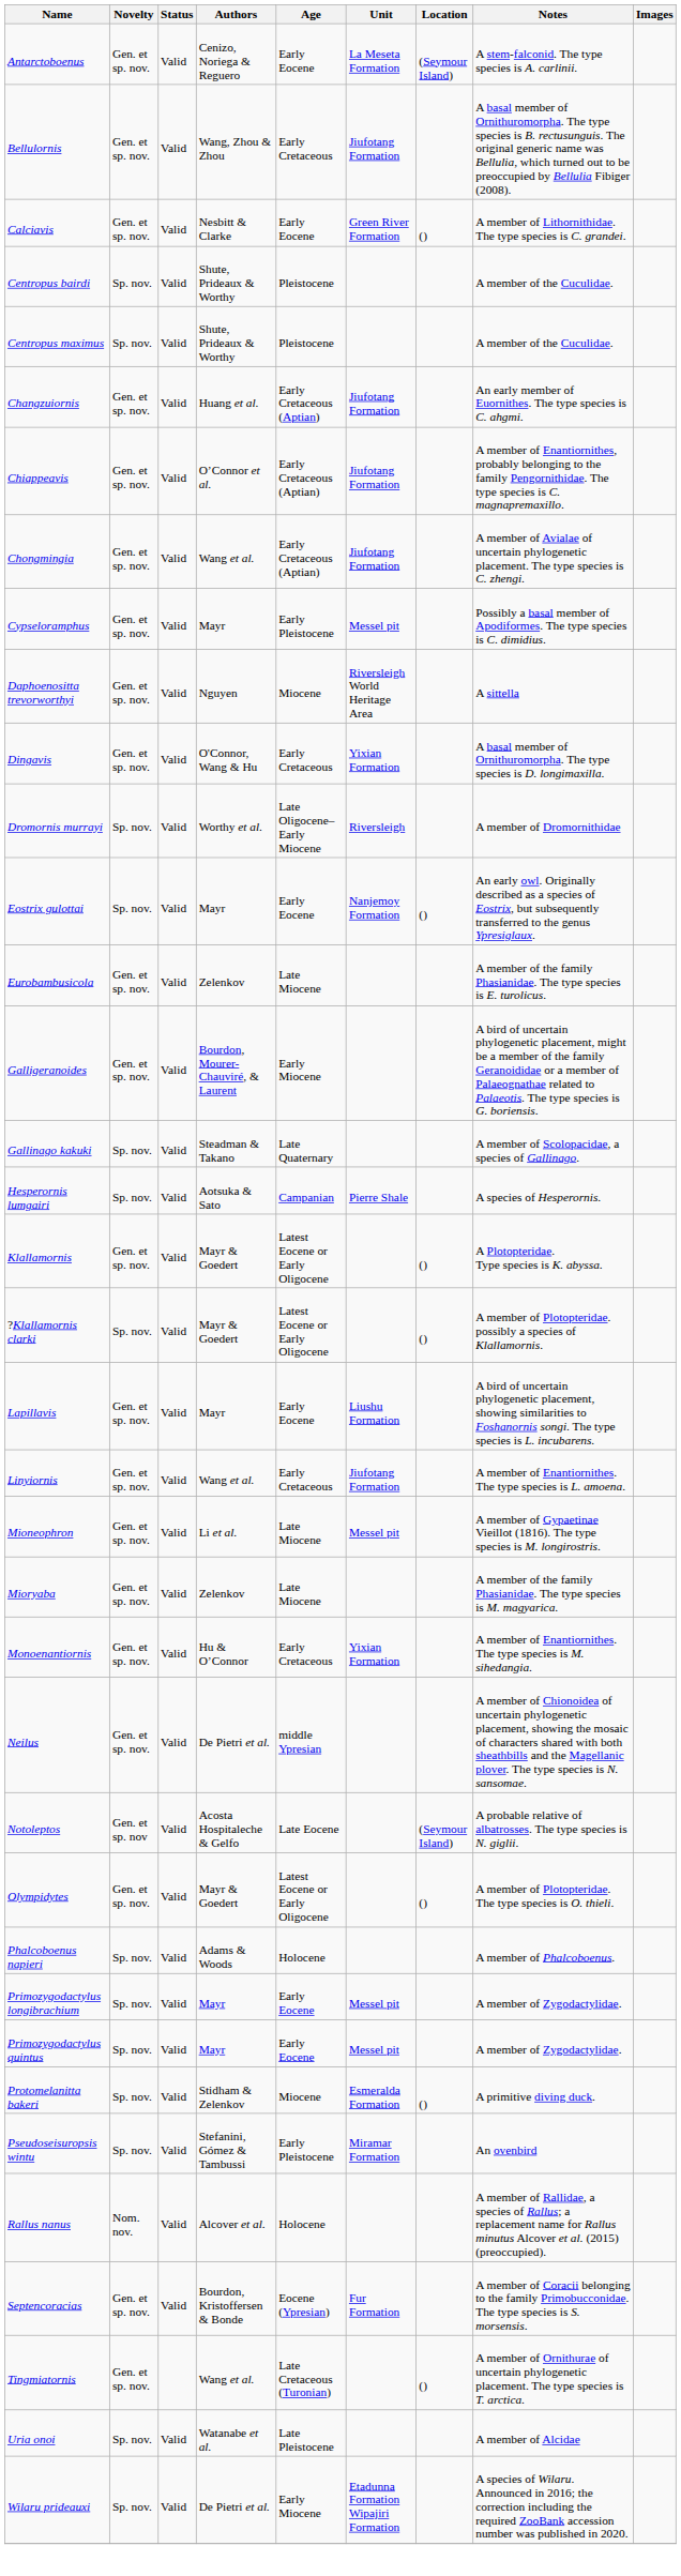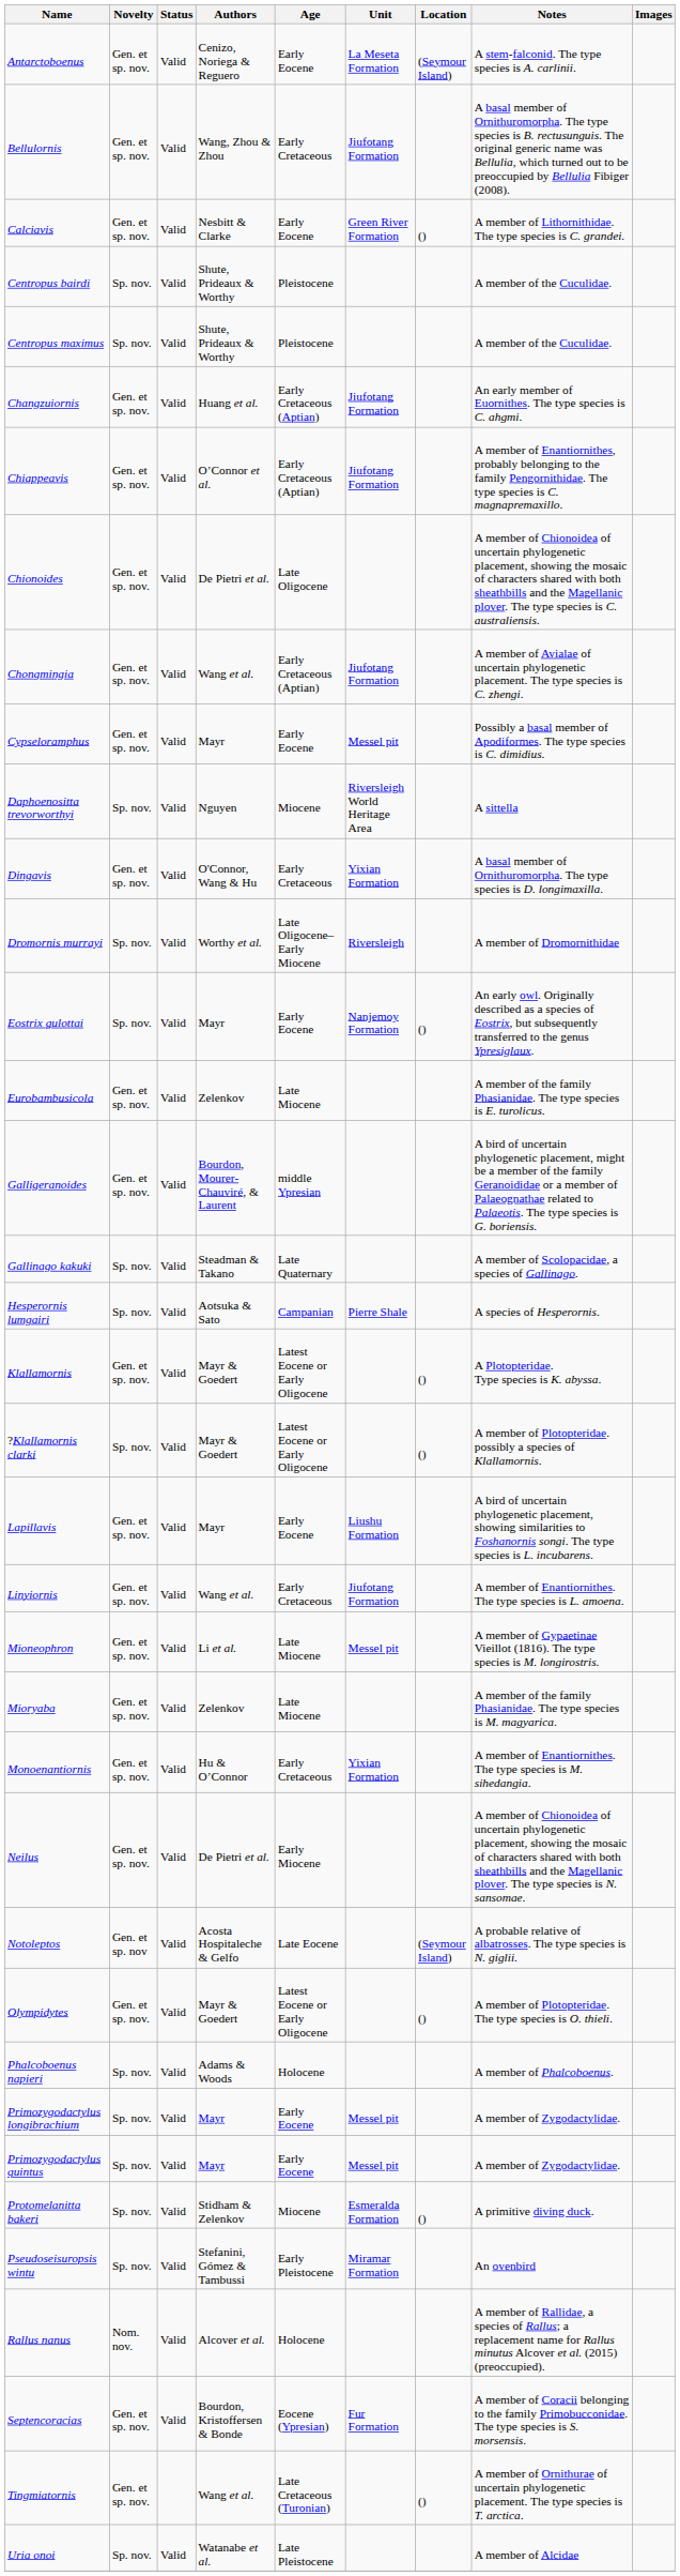 <table class="wikitable sortable" align="center" width="100%">
 <tr>
 <th>Name</th>
 <th>Novelty</th>
 <th>Status</th>
 <th>Authors</th>
 <th>Age</th>
 <th>Unit</th>
 <th>Location</th>
 <th>Notes</th>
 <th>Images</th>
 </tr>
 <tr>
 <td><br><em><a href='#'>Antarctoboenus</a></em> </td>
 <td><br>Gen. et sp. nov.</td>
 <td><br>Valid</td>
 <td><br>Cenizo, Noriega & Reguero</td>
 <td><br>Early Eocene</td>
 <td><br><a href='#'>La Meseta Formation</a></td>
 <td><br><br>(<a href='#'>Seymour Island</a>)</td>
 <td><br>A <a href='#'>stem</a>-<a href='#'>falconid</a>. The type species is <em>A. carlinii</em>.</td>
 <td></td>
 </tr>
 <tr>
 <td><br><em><a href='#'>Bellulornis</a></em> </td>
 <td><br>Gen. et sp. nov.</td>
 <td><br>Valid</td>
 <td><br>Wang, Zhou & Zhou</td>
 <td><br>Early Cretaceous</td>
 <td><br><a href='#'>Jiufotang Formation</a></td>
 <td><br></td>
 <td><br>A <a href='#'>basal</a> member of <a href='#'>Ornithuromorpha</a>. The type species is <em>B. rectusunguis</em>. The original generic name was <em>Bellulia</em>, which turned out to be preoccupied by <em><a href='#'>Bellulia</a></em> Fibiger (2008).</td>
 <td></td>
 </tr>
 <tr>
 <td><br><em><a href='#'>Calciavis</a></em> </td>
 <td><br>Gen. et sp. nov.</td>
 <td><br>Valid</td>
 <td><br>Nesbitt & Clarke</td>
 <td><br>Early Eocene</td>
 <td><br><a href='#'>Green River Formation</a></td>
 <td><br><br> ()</td>
 <td><br>A member of <a href='#'>Lithornithidae</a>. The type species is <em>C. grandei</em>.</td>
 <td></td>
 </tr>
 <tr>
 <td><br><em><a href='#'>Centropus bairdi</a></em> </td>
 <td><br>Sp. nov.</td>
 <td><br>Valid</td>
 <td><br>Shute, Prideaux & Worthy</td>
 <td><br>Pleistocene</td>
 <td></td>
 <td><br><br></td>
 <td><br>A member of the <a href='#'>Cuculidae</a>.</td>
 <td></td>
 </tr>
 <tr>
 <td><br><em><a href='#'>Centropus maximus</a></em> </td>
 <td><br>Sp. nov.</td>
 <td><br>Valid</td>
 <td><br>Shute, Prideaux & Worthy</td>
 <td><br>Pleistocene</td>
 <td></td>
 <td><br><br></td>
 <td><br>A member of the <a href='#'>Cuculidae</a>.</td>
 <td></td>
 </tr>
 <tr>
 <td><br><em><a href='#'>Changzuiornis</a></em> </td>
 <td><br>Gen. et sp. nov.</td>
 <td><br>Valid</td>
 <td><br>Huang <em>et al.</em></td>
 <td><br>Early Cretaceous (<a href='#'>Aptian</a>)</td>
 <td><br><a href='#'>Jiufotang Formation</a></td>
 <td><br></td>
 <td><br>An early member of <a href='#'>Euornithes</a>. The type species is <em>C. ahgmi</em>.</td>
 <td></td>
 </tr>
 <tr>
 <td><br><em><a href='#'>Chiappeavis</a></em> </td>
 <td><br>Gen. et sp. nov.</td>
 <td><br>Valid</td>
 <td><br>O’Connor <em>et al.</em></td>
 <td><br>Early Cretaceous (Aptian)</td>
 <td><br><a href='#'>Jiufotang Formation</a></td>
 <td><br></td>
 <td><br>A member of <a href='#'>Enantiornithes</a>, probably belonging to the family <a href='#'>Pengornithidae</a>. The type species is <em>C. magnapremaxillo</em>.</td>
 <td></td>
 </tr>
 <tr>
+<td><br><em><a href='#'>Chionoides</a></em> </td>
+<td><br>Gen. et sp. nov.</td>
+<td><br>Valid</td>
+<td><br>De Pietri <em>et al.</em></td>
+<td><br>Late Oligocene</td>
+<td></td>
+<td><br></td>
+<td><br>A member of <a href='#'>Chionoidea</a> of uncertain phylogenetic placement, showing the mosaic of characters shared with both <a href='#'>sheathbills</a> and the <a href='#'>Magellanic plover</a>. The type species is <em>C. australiensis</em>.</td>
+<td></td>
+</tr>
+<tr>
 <td><br><em><a href='#'>Chongmingia</a></em> </td>
 <td><br>Gen. et sp. nov.</td>
 <td><br>Valid</td>
 <td><br>Wang <em>et al.</em></td>
 <td><br>Early Cretaceous (Aptian)</td>
 <td><br><a href='#'>Jiufotang Formation</a></td>
 <td><br></td>
 <td><br>A member of <a href='#'>Avialae</a> of uncertain phylogenetic placement. The type species is <em>C. zhengi</em>.</td>
 <td></td>
 </tr>
 <tr>
 <td><br><em><a href='#'>Cypseloramphus</a></em> </td>
 <td><br>Gen. et sp. nov.</td>
 <td><br>Valid</td>
 <td><br>Mayr</td>
-<td><br>Early Pleistocene</td>
+<td><br>Early Eocene</td>
 <td><br><a href='#'>Messel pit</a></td>
 <td><br></td>
 <td><br>Possibly a <a href='#'>basal</a> member of <a href='#'>Apodiformes</a>. The type species is <em>C. dimidius</em>.</td>
 <td></td>
 </tr>
 <tr>
 <td><br><em><a href='#'>Daphoenositta trevorworthyi</a></em> </td>
-<td><br>Gen. et sp. nov.</td>
+<td><br>Sp. nov.</td>
 <td><br>Valid</td>
 <td><br>Nguyen</td>
 <td><br>Miocene</td>
 <td><br><a href='#'>Riversleigh</a> World Heritage Area</td>
 <td><br></td>
 <td><br>A <a href='#'>sittella</a></td>
 <td></td>
 </tr>
 <tr>
 <td><br><em><a href='#'>Dingavis</a></em> </td>
 <td><br>Gen. et sp. nov.</td>
 <td><br>Valid </td>
 <td><br>O'Connor, Wang & Hu</td>
 <td><br>Early Cretaceous</td>
 <td><br><a href='#'>Yixian Formation</a></td>
 <td><br></td>
 <td><br>A <a href='#'>basal</a> member of <a href='#'>Ornithuromorpha</a>. The type species is <em>D. longimaxilla</em>.</td>
 <td></td>
 </tr>
 <tr>
 <td><br><em><a href='#'>Dromornis murrayi</a></em> </td>
 <td><br>Sp. nov.</td>
 <td><br>Valid</td>
 <td><br>Worthy <em>et al.</em></td>
 <td><br>Late Oligocene–Early Miocene</td>
 <td><br><a href='#'>Riversleigh</a></td>
 <td><br></td>
 <td><br>A member of <a href='#'>Dromornithidae</a></td>
 <td></td>
 </tr>
 <tr>
 <td><br><em><a href='#'>Eostrix gulottai</a></em> </td>
 <td><br>Sp. nov.</td>
 <td><br>Valid</td>
 <td><br>Mayr</td>
 <td><br>Early Eocene</td>
 <td><br><a href='#'>Nanjemoy Formation</a></td>
 <td><br><br>()</td>
 <td><br>An early <a href='#'>owl</a>. Originally described as a species of <em><a href='#'>Eostrix</a></em>, but subsequently transferred to the genus <em><a href='#'>Ypresiglaux</a></em>.</td>
 <td></td>
 </tr>
 <tr>
 <td><br><em><a href='#'>Eurobambusicola</a></em> </td>
 <td><br>Gen. et sp. nov.</td>
 <td><br>Valid</td>
 <td><br>Zelenkov</td>
 <td><br>Late Miocene</td>
 <td></td>
 <td><br></td>
 <td><br>A member of the family <a href='#'>Phasianidae</a>. The type species is <em>E. turolicus</em>.</td>
 <td></td>
 </tr>
 <tr>
 <td><br><em><a href='#'>Galligeranoides</a></em> </td>
 <td><br>Gen. et sp. nov.</td>
 <td><br>Valid</td>
 <td><br><a href='#'>Bourdon</a>, <a href='#'>Mourer-Chauviré</a>, & <a href='#'>Laurent</a></td>
-<td><br>Early Miocene</td>
+<td><br>middle <a href='#'>Ypresian</a></td>
 <td></td>
 <td><br></td>
 <td><br>A bird of uncertain phylogenetic placement, might be a member of the family <a href='#'>Geranoididae</a> or a member of <a href='#'>Palaeognathae</a> related to <em><a href='#'>Palaeotis</a></em>. The type species is <em>G. boriensis</em>.</td>
 <td></td>
 </tr>
 <tr>
 <td><br><em><a href='#'>Gallinago kakuki</a></em> </td>
 <td><br>Sp. nov.</td>
 <td><br>Valid</td>
 <td><br>Steadman & Takano</td>
 <td><br>Late Quaternary</td>
 <td></td>
 <td><br><br> <br> </td>
 <td><br>A member of <a href='#'>Scolopacidae</a>, a species of <em><a href='#'>Gallinago</a></em>.</td>
 <td></td>
 </tr>
 <tr>
 <td><br><em><a href='#'>Hesperornis lumgairi</a></em> </td>
 <td><br>Sp. nov.</td>
 <td><br>Valid</td>
 <td><br>Aotsuka & Sato</td>
 <td><br><a href='#'>Campanian</a></td>
 <td><br><a href='#'>Pierre Shale</a></td>
 <td><br></td>
 <td><br>A species of <em>Hesperornis</em>.</td>
 <td></td>
 </tr>
 <tr>
 <td><br><em><a href='#'>Klallamornis</a></em> </td>
 <td><br>Gen. et sp. nov.</td>
 <td><br>Valid</td>
 <td><br>Mayr & Goedert</td>
 <td><br>Latest Eocene or Early Oligocene</td>
 <td></td>
 <td><br><br>()</td>
 <td><br>A <a href='#'>Plotopteridae</a>.<br> Type species is <em>K. abyssa</em>.</td>
 <td></td>
 </tr>
 <tr>
 <td><br>?<em><a href='#'>Klallamornis clarki</a></em> </td>
 <td><br>Sp. nov.</td>
 <td><br>Valid</td>
 <td><br>Mayr & Goedert</td>
 <td><br>Latest Eocene or Early Oligocene</td>
 <td></td>
 <td><br><br>()</td>
 <td><br>A member of <a href='#'>Plotopteridae</a>. possibly a species of <em>Klallamornis</em>.</td>
 <td></td>
 </tr>
 <tr>
 <td><br><em><a href='#'>Lapillavis</a></em> </td>
 <td><br>Gen. et sp. nov.</td>
 <td><br>Valid</td>
 <td><br>Mayr</td>
 <td><br>Early Eocene</td>
 <td><br><a href='#'>Liushu Formation</a></td>
 <td><br></td>
 <td><br>A bird of uncertain phylogenetic placement, showing similarities to <em><a href='#'>Foshanornis</a> songi</em>. The type species is <em>L. incubarens</em>.</td>
 <td></td>
 </tr>
 <tr>
 <td><br><em><a href='#'>Linyiornis</a></em> </td>
 <td><br>Gen. et sp. nov.</td>
 <td><br>Valid</td>
 <td><br>Wang <em>et al.</em></td>
 <td><br>Early Cretaceous</td>
 <td><br><a href='#'>Jiufotang Formation</a></td>
 <td><br></td>
 <td><br>A member of <a href='#'>Enantiornithes</a>. The type species is <em>L. amoena</em>.</td>
 <td></td>
 </tr>
 <tr>
 <td><br><em><a href='#'>Mioneophron</a></em> </td>
 <td><br>Gen. et sp. nov.</td>
 <td><br>Valid</td>
 <td><br>Li <em>et al.</em></td>
 <td><br>Late Miocene</td>
 <td><br><a href='#'>Messel pit</a></td>
 <td><br></td>
 <td><br>A member of <a href='#'>Gypaetinae</a> Vieillot (1816). The type species is <em>M. longirostris</em>.</td>
 <td></td>
 </tr>
 <tr>
 <td><br><em><a href='#'>Mioryaba</a></em> </td>
 <td><br>Gen. et sp. nov.</td>
 <td><br>Valid</td>
 <td><br>Zelenkov</td>
 <td><br>Late Miocene</td>
 <td></td>
 <td><br></td>
 <td><br>A member of the family <a href='#'>Phasianidae</a>. The type species is <em>M. magyarica</em>.</td>
 <td></td>
 </tr>
 <tr>
 <td><br><em><a href='#'>Monoenantiornis</a></em> </td>
 <td><br>Gen. et sp. nov.</td>
 <td><br>Valid</td>
 <td><br>Hu & O’Connor</td>
 <td><br>Early Cretaceous</td>
 <td><br><a href='#'>Yixian Formation</a></td>
 <td><br></td>
 <td><br>A member of <a href='#'>Enantiornithes</a>. The type species is <em>M. sihedangia</em>.</td>
 <td></td>
 </tr>
 <tr>
 <td><br><em><a href='#'>Neilus</a></em> </td>
 <td><br>Gen. et sp. nov.</td>
 <td><br>Valid</td>
 <td><br>De Pietri <em>et al.</em></td>
-<td><br>middle <a href='#'>Ypresian</a></td>
+<td><br>Early Miocene</td>
 <td></td>
 <td><br></td>
 <td><br>A member of <a href='#'>Chionoidea</a> of uncertain phylogenetic placement, showing the mosaic of characters shared with both <a href='#'>sheathbills</a> and the <a href='#'>Magellanic plover</a>. The type species is <em>N. sansomae</em>.</td>
 <td></td>
 </tr>
 <tr>
 <td><br><em><a href='#'>Notoleptos</a></em> </td>
 <td><br>Gen. et sp. nov</td>
 <td><br>Valid</td>
 <td><br>Acosta Hospitaleche & Gelfo</td>
 <td><br>Late Eocene</td>
 <td></td>
 <td><br><br>(<a href='#'>Seymour Island</a>)</td>
 <td><br>A probable relative of <a href='#'>albatrosses</a>. The type species is <em>N. giglii</em>.</td>
 <td></td>
 </tr>
 <tr>
 <td><br><em><a href='#'>Olympidytes</a></em> </td>
 <td><br>Gen. et sp. nov.</td>
 <td><br>Valid</td>
 <td><br>Mayr & Goedert</td>
 <td><br>Latest Eocene or Early Oligocene</td>
 <td></td>
 <td><br><br>()</td>
 <td><br>A member of <a href='#'>Plotopteridae</a>. The type species is <em>O. thieli</em>.</td>
 <td></td>
 </tr>
 <tr>
 <td><br><em><a href='#'>Phalcoboenus napieri</a></em>  </td>
 <td><br>Sp. nov.</td>
 <td><br>Valid</td>
 <td><br>Adams & Woods</td>
 <td><br>Holocene</td>
 <td></td>
 <td><br></td>
 <td><br>A member of <em><a href='#'>Phalcoboenus</a></em>.</td>
 <td></td>
 </tr>
 <tr>
 <td><br><em><a href='#'>Primozygodactylus longibrachium</a></em> </td>
 <td><br>Sp. nov.</td>
 <td><br>Valid</td>
 <td><br><a href='#'>Mayr</a></td>
 <td><br>Early <a href='#'>Eocene</a></td>
 <td><br><a href='#'>Messel pit</a></td>
 <td><br></td>
 <td><br>A member of <a href='#'>Zygodactylidae</a>.</td>
 <td></td>
 </tr>
 <tr>
 <td><br><em><a href='#'>Primozygodactylus quintus</a></em> </td>
 <td><br>Sp. nov.</td>
 <td><br>Valid</td>
 <td><br><a href='#'>Mayr</a></td>
 <td><br>Early <a href='#'>Eocene</a></td>
 <td><br><a href='#'>Messel pit</a></td>
 <td><br></td>
 <td><br>A member of <a href='#'>Zygodactylidae</a>.</td>
 <td></td>
 </tr>
 <tr>
 <td><br><em><a href='#'>Protomelanitta bakeri</a></em> </td>
 <td><br>Sp. nov.</td>
 <td><br>Valid</td>
 <td><br>Stidham & Zelenkov</td>
 <td><br>Miocene</td>
 <td><br><a href='#'>Esmeralda Formation</a></td>
 <td><br><br> ()</td>
 <td><br>A primitive <a href='#'>diving duck</a>.</td>
 <td></td>
 </tr>
 <tr>
 <td><br><em><a href='#'>Pseudoseisuropsis wintu</a></em> </td>
 <td><br>Sp. nov.</td>
 <td><br>Valid</td>
 <td><br>Stefanini, Gómez & Tambussi</td>
 <td><br>Early Pleistocene</td>
 <td><br><a href='#'>Miramar Formation</a></td>
 <td><br></td>
 <td><br>An <a href='#'>ovenbird</a></td>
 <td></td>
 </tr>
 <tr>
 <td><br><em><a href='#'>Rallus nanus</a></em> </td>
 <td><br>Nom. nov.</td>
 <td><br>Valid</td>
 <td><br>Alcover <em>et al.</em></td>
 <td><br>Holocene</td>
 <td></td>
 <td><br></td>
 <td><br>A member of <a href='#'>Rallidae</a>, a species of <em><a href='#'>Rallus</a></em>; a replacement name for <em>Rallus minutus</em> Alcover <em>et al.</em> (2015) (preoccupied).</td>
 <td></td>
 </tr>
 <tr>
 <td><br><em><a href='#'>Septencoracias</a></em> </td>
 <td><br>Gen. et sp. nov.</td>
 <td><br>Valid</td>
 <td><br>Bourdon, Kristoffersen & Bonde</td>
 <td><br>Eocene (<a href='#'>Ypresian</a>)</td>
 <td><br><a href='#'>Fur Formation</a></td>
 <td><br></td>
 <td><br>A member of <a href='#'>Coracii</a> belonging to the family <a href='#'>Primobucconidae</a>. The type species is <em>S. morsensis</em>.</td>
 <td></td>
 </tr>
 <tr>
 <td><br><em><a href='#'>Tingmiatornis</a></em> </td>
 <td><br>Gen. et sp. nov.</td>
 <td></td>
 <td><br>Wang <em>et al.</em></td>
 <td><br>Late Cretaceous (<a href='#'>Turonian</a>)</td>
 <td></td>
 <td><br><br>()</td>
 <td><br>A member of <a href='#'>Ornithurae</a> of uncertain phylogenetic placement. The type species is <em>T. arctica</em>.</td>
 <td></td>
 </tr>
 <tr>
 <td><br><em><a href='#'>Uria onoi</a></em> </td>
 <td><br>Sp. nov.</td>
 <td><br>Valid</td>
 <td><br>Watanabe <em>et al.</em></td>
 <td><br>Late Pleistocene</td>
 <td></td>
 <td><br></td>
 <td><br>A member of <a href='#'>Alcidae</a></td>
 <td></td>
 </tr>
 <tr>
-<td><br><em><a href='#'>Wilaru prideauxi</a></em> </td>
-<td><br>Sp. nov.</td>
-<td><br>Valid</td>
-<td><br>De Pietri <em>et al.</em></td>
-<td><br>Early Miocene</td>
-<td><br><a href='#'>Etadunna Formation</a><br> <a href='#'>Wipajiri Formation</a></td>
-<td><br></td>
-<td><br>A species of <em>Wilaru</em>. Announced in 2016; the correction including the required <a href='#'>ZooBank</a> accession number was published in 2020.</td>
-<td></td>
-</tr>
-<tr>
 </tr>
 </table>
